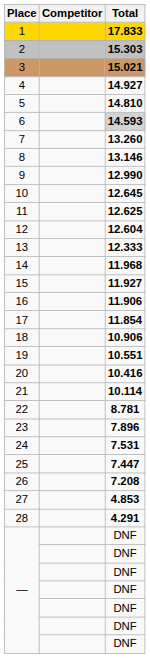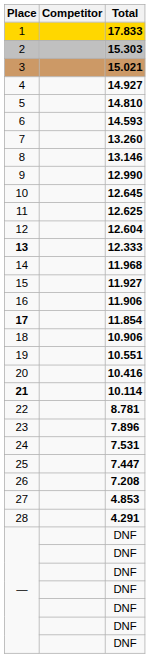 <table class=wikitable style="text-align:center">
 <tr>
 <th>Place</th>
 <th>Competitor</th>
 <th>Total</th>
 </tr>
 <tr align=center bgcolor=gold>
 <td>1</td>
 <td align=left></td>
 <td><strong>17.833</strong></td>
 </tr>
 <tr align=center bgcolor=silver>
 <td>2</td>
 <td align=left></td>
 <td><strong>15.303</strong></td>
 </tr>
 <tr align=center bgcolor=cc9966>
 <td>3</td>
 <td align=left></td>
 <td><strong>15.021</strong></td>
 </tr>
 <tr>
 <td>4</td>
 <td align=left></td>
 <td><strong>14.927</strong></td>
 </tr>
 <tr>
 <td>5</td>
 <td align=left></td>
 <td><strong>14.810</strong></td>
 </tr>
 <tr>
 <td>6</td>
 <td align=left></td>
-<td style="background: lightgrey;"><strong>14.593</strong></td>
+<td><strong>14.593</strong></td>
 </tr>
 <tr>
 <td>7</td>
 <td align=left></td>
 <td><strong>13.260</strong></td>
 </tr>
 <tr>
 <td>8</td>
 <td align=left></td>
 <td><strong>13.146</strong></td>
 </tr>
 <tr>
 <td>9</td>
 <td align=left></td>
 <td><strong>12.990</strong></td>
 </tr>
 <tr>
 <td>10</td>
 <td align=left></td>
 <td><strong>12.645</strong></td>
 </tr>
 <tr>
 <td>11</td>
 <td align=left></td>
 <td><strong>12.625</strong></td>
 </tr>
 <tr>
 <td>12</td>
 <td align=left></td>
 <td><strong>12.604</strong></td>
 </tr>
 <tr>
-<td>13</td>
+<td><strong>13</strong></td>
 <td align=left></td>
 <td><strong>12.333</strong></td>
 </tr>
 <tr>
 <td>14</td>
 <td align=left></td>
 <td><strong>11.968</strong></td>
 </tr>
 <tr>
 <td>15</td>
 <td align=left></td>
 <td><strong>11.927</strong></td>
 </tr>
 <tr>
 <td>16</td>
 <td align=left></td>
 <td><strong>11.906</strong></td>
 </tr>
 <tr>
-<td>17</td>
+<td><strong>17</strong></td>
 <td align=left></td>
 <td><strong>11.854</strong></td>
 </tr>
 <tr>
 <td>18</td>
 <td align=left></td>
 <td><strong>10.906</strong></td>
 </tr>
 <tr>
 <td>19</td>
 <td align=left></td>
 <td><strong>10.551</strong></td>
 </tr>
 <tr>
 <td>20</td>
 <td align=left></td>
 <td><strong>10.416</strong></td>
 </tr>
 <tr>
-<td>21</td>
+<td><strong>21</strong></td>
 <td align=left></td>
 <td><strong>10.114</strong></td>
 </tr>
 <tr>
 <td>22</td>
 <td align=left></td>
 <td><strong>8.781</strong></td>
 </tr>
 <tr>
 <td>23</td>
 <td align=left></td>
 <td><strong>7.896</strong></td>
 </tr>
 <tr>
 <td>24</td>
 <td align=left></td>
 <td><strong>7.531</strong></td>
 </tr>
 <tr>
 <td>25</td>
 <td align=left></td>
 <td><strong>7.447</strong></td>
 </tr>
 <tr>
 <td>26</td>
 <td align=left></td>
 <td><strong>7.208</strong></td>
 </tr>
 <tr>
 <td>27</td>
 <td align=left></td>
 <td><strong>4.853</strong></td>
 </tr>
 <tr>
 <td>28</td>
 <td align=left></td>
 <td><strong>4.291</strong></td>
 </tr>
 <tr>
 <td rowspan=7>—</td>
 <td align=left></td>
 <td>DNF</td>
 </tr>
 <tr>
 <td align=left></td>
 <td>DNF</td>
 </tr>
 <tr>
 <td align=left></td>
 <td>DNF</td>
 </tr>
 <tr>
 <td align=left></td>
 <td>DNF</td>
 </tr>
 <tr>
 <td align=left></td>
 <td>DNF</td>
 </tr>
 <tr>
 <td align=left></td>
 <td>DNF</td>
 </tr>
 <tr>
 <td align=left></td>
 <td>DNF</td>
 </tr>
 </table>
